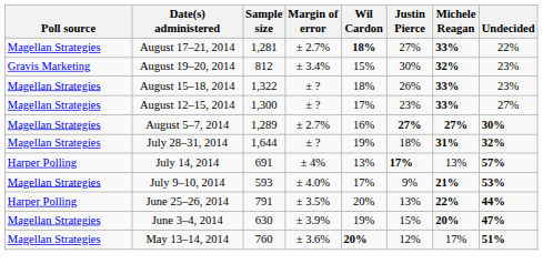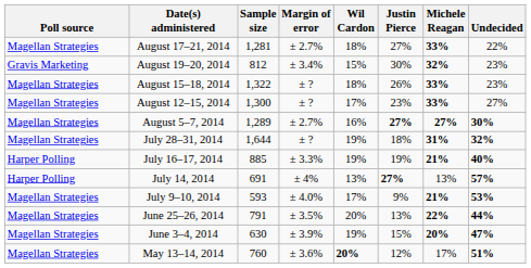 <table class="wikitable" style="font-size:90%;">
 <tr valign= bottom>
 <th style="width:150px;">Poll source</th>
 <th style="width:130px;">Date(s)<br>administered</th>
 <th class=small>Sample<br>size</th>
 <th class=small>Margin of<br>error</th>
 <th style="width:50px;">Wil<br>Cardon</th>
 <th style="width:50px;">Justin<br>Pierce</th>
 <th style="width:50px;">Michele<br>Reagan</th>
 <th style="width:50px;">Undecided</th>
 </tr>
 <tr>
 <td><a href='#'>Magellan Strategies</a></td>
 <td align=center>August 17–21, 2014</td>
 <td align=center>1,281</td>
 <td align=center>± 2.7%</td>
-<td align=center><strong>18%</strong></td>
+<td align=center>18%</td>
 <td align=center>27%</td>
 <td><strong>33%</strong></td>
 <td align=center>22%</td>
 </tr>
 <tr>
 <td><a href='#'>Gravis Marketing</a></td>
 <td align=center>August 19–20, 2014</td>
 <td align=center>812</td>
 <td align=center>± 3.4%</td>
 <td align=center>15%</td>
 <td align=center>30%</td>
 <td><strong>32%</strong></td>
 <td align=center>23%</td>
 </tr>
 <tr>
 <td><a href='#'>Magellan Strategies</a></td>
 <td align=center>August 15–18, 2014</td>
 <td align=center>1,322</td>
 <td align=center>± ?</td>
 <td align=center>18%</td>
 <td align=center>26%</td>
 <td><strong>33%</strong></td>
 <td align=center>23%</td>
 </tr>
 <tr>
 <td><a href='#'>Magellan Strategies</a></td>
 <td align=center>August 12–15, 2014</td>
 <td align=center>1,300</td>
 <td align=center>± ?</td>
 <td align=center>17%</td>
 <td align=center>23%</td>
 <td><strong>33%</strong></td>
 <td align=center>27%</td>
 </tr>
 <tr>
 <td><a href='#'>Magellan Strategies</a></td>
 <td align=center>August 5–7, 2014</td>
 <td align=center>1,289</td>
 <td align=center>± 2.7%</td>
 <td align=center>16%</td>
 <td align=center><strong>27%</strong></td>
 <td align=center><strong>27%</strong></td>
 <td><strong>30%</strong></td>
 </tr>
 <tr>
 <td><a href='#'>Magellan Strategies</a></td>
 <td align=center>July 28–31, 2014</td>
 <td align=center>1,644</td>
 <td align=center>± ?</td>
 <td align=center>19%</td>
 <td align=center>18%</td>
 <td><strong>31%</strong></td>
 <td><strong>32%</strong></td>
 </tr>
 <tr>
 <td><a href='#'>Harper Polling</a></td>
+<td align=center>July 16–17, 2014</td>
+<td align=center>885</td>
+<td align=center>± 3.3%</td>
+<td align=center>19%</td>
+<td align=center>19%</td>
+<td><strong>21%</strong></td>
+<td><strong>40%</strong></td>
+</tr>
+<tr>
+<td><a href='#'>Harper Polling</a></td>
 <td align=center>July 14, 2014</td>
 <td align=center>691</td>
 <td align=center>± 4%</td>
 <td align=center>13%</td>
-<td><strong>17%</strong></td>
+<td><strong>27%</strong></td>
 <td align=center>13%</td>
 <td><strong>57%</strong></td>
 </tr>
 <tr>
 <td><a href='#'>Magellan Strategies</a></td>
 <td align=center>July 9–10, 2014</td>
 <td align=center>593</td>
 <td align=center>± 4.0%</td>
 <td align=center>17%</td>
 <td align=center>9%</td>
 <td><strong>21%</strong></td>
 <td><strong>53%</strong></td>
 </tr>
 <tr>
-<td><a href='#'>Harper Polling</a></td>
+<td><a href='#'>Magellan Strategies</a></td>
 <td align=center>June 25–26, 2014</td>
 <td align=center>791</td>
 <td align=center>± 3.5%</td>
 <td align=center>20%</td>
 <td align=center>13%</td>
 <td><strong>22%</strong></td>
 <td><strong>44%</strong></td>
 </tr>
 <tr>
 <td><a href='#'>Magellan Strategies</a></td>
 <td align=center>June 3–4, 2014</td>
 <td align=center>630</td>
 <td align=center>± 3.9%</td>
 <td align=center>19%</td>
 <td align=center>15%</td>
 <td><strong>20%</strong></td>
 <td><strong>47%</strong></td>
 </tr>
 <tr>
 <td><a href='#'>Magellan Strategies</a></td>
 <td align=center>May 13–14, 2014</td>
 <td align=center>760</td>
 <td align=center>± 3.6%</td>
 <td><strong>20%</strong></td>
 <td align=center>12%</td>
 <td align=center>17%</td>
 <td><strong>51%</strong></td>
 </tr>
 </table>
